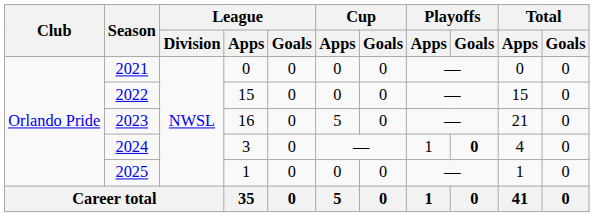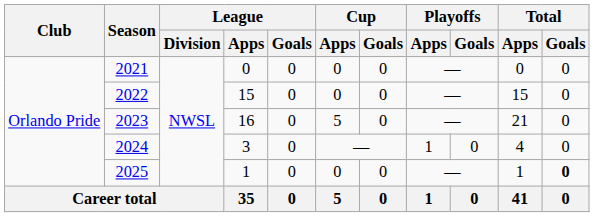 <table class="wikitable" style="text-align: center;">
 <tr>
 <th rowspan="2">Club</th>
 <th rowspan="2">Season</th>
 <th colspan="3">League</th>
 <th colspan="2">Cup</th>
 <th colspan="2">Playoffs</th>
 <th colspan="2">Total</th>
 </tr>
 <tr>
 <th>Division</th>
 <th>Apps</th>
 <th>Goals</th>
 <th>Apps</th>
 <th>Goals</th>
 <th>Apps</th>
 <th>Goals</th>
 <th>Apps</th>
 <th>Goals</th>
 </tr>
 <tr>
 <td rowspan="5"><a href='#'>Orlando Pride</a></td>
 <td><a href='#'>2021</a></td>
 <td rowspan="5"><a href='#'>NWSL</a></td>
 <td>0</td>
 <td>0</td>
 <td>0</td>
 <td>0</td>
 <td colspan="2">—</td>
 <td>0</td>
 <td>0</td>
 </tr>
 <tr>
 <td><a href='#'>2022</a></td>
 <td>15</td>
 <td>0</td>
 <td>0</td>
 <td>0</td>
 <td colspan="2">—</td>
 <td>15</td>
 <td>0</td>
 </tr>
 <tr>
 <td><a href='#'>2023</a></td>
 <td>16</td>
 <td>0</td>
 <td>5</td>
 <td>0</td>
 <td colspan="2">—</td>
 <td>21</td>
 <td>0</td>
 </tr>
 <tr>
 <td><a href='#'>2024</a></td>
 <td>3</td>
 <td>0</td>
 <td colspan="2">—</td>
 <td>1</td>
-<td><strong>0</strong></td>
+<td>0</td>
 <td>4</td>
 <td>0</td>
 </tr>
 <tr>
 <td><a href='#'>2025</a></td>
 <td>1</td>
 <td>0</td>
 <td>0</td>
 <td>0</td>
 <td colspan="2">—</td>
 <td>1</td>
-<td>0</td>
+<td><strong>0</strong></td>
 </tr>
 <tr>
 <th colspan="3">Career total</th>
 <th>35</th>
 <th>0</th>
 <th>5</th>
 <th>0</th>
 <th>1</th>
 <th>0</th>
 <th>41</th>
 <th>0</th>
 </tr>
 </table>
